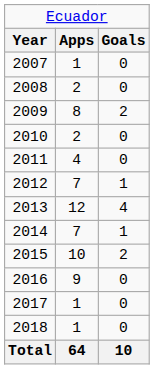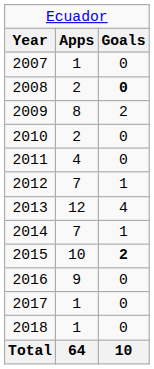 <table class=wikitable style=text-align:center>
 <tr>
 <td colspan=3><a href='#'>Ecuador</a></td>
 </tr>
 <tr>
 <th>Year</th>
 <th>Apps</th>
 <th>Goals</th>
 </tr>
 <tr>
 <td>2007</td>
 <td>1</td>
 <td>0</td>
 </tr>
 <tr>
 <td>2008</td>
 <td>2</td>
-<td>0</td>
+<td><strong>0</strong></td>
 </tr>
 <tr>
 <td>2009</td>
 <td>8</td>
 <td>2</td>
 </tr>
 <tr>
 <td>2010</td>
 <td>2</td>
 <td>0</td>
 </tr>
 <tr>
 <td>2011</td>
 <td>4</td>
 <td>0</td>
 </tr>
 <tr>
 <td>2012</td>
 <td>7</td>
 <td>1</td>
 </tr>
 <tr>
 <td>2013</td>
 <td>12</td>
 <td>4</td>
 </tr>
 <tr>
 <td>2014</td>
 <td>7</td>
 <td>1</td>
 </tr>
 <tr>
 <td>2015</td>
 <td>10</td>
-<td>2</td>
+<td><strong>2</strong></td>
 </tr>
 <tr>
 <td>2016</td>
 <td>9</td>
 <td>0</td>
 </tr>
 <tr>
 <td>2017</td>
 <td>1</td>
 <td>0</td>
 </tr>
 <tr>
 <td>2018</td>
 <td>1</td>
 <td>0</td>
 </tr>
 <tr>
 <th>Total</th>
 <th>64</th>
 <th>10</th>
 </tr>
 </table>
